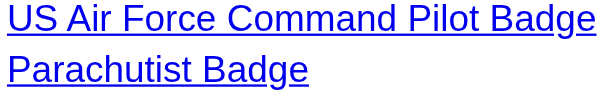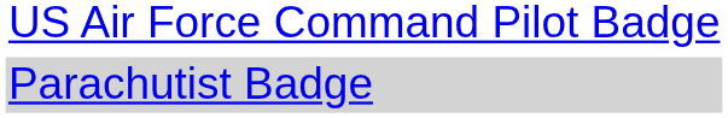 <table>
 <tr>
 <td>  <a href='#'>US Air Force Command Pilot Badge</a></td>
 </tr>
 <tr>
-<td> <a href='#'>Parachutist Badge</a></td>
+<td style="background: lightgrey;"> <a href='#'>Parachutist Badge</a></td>
 </tr>
 </table>
